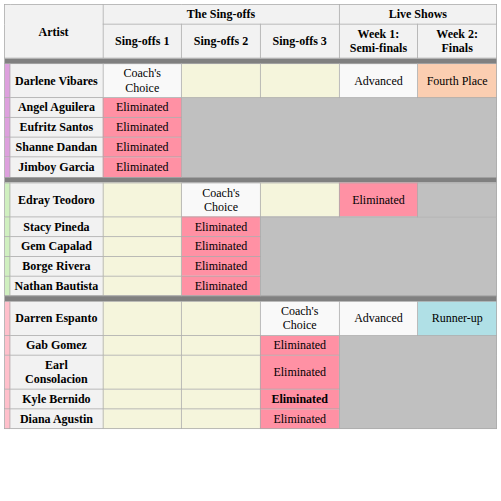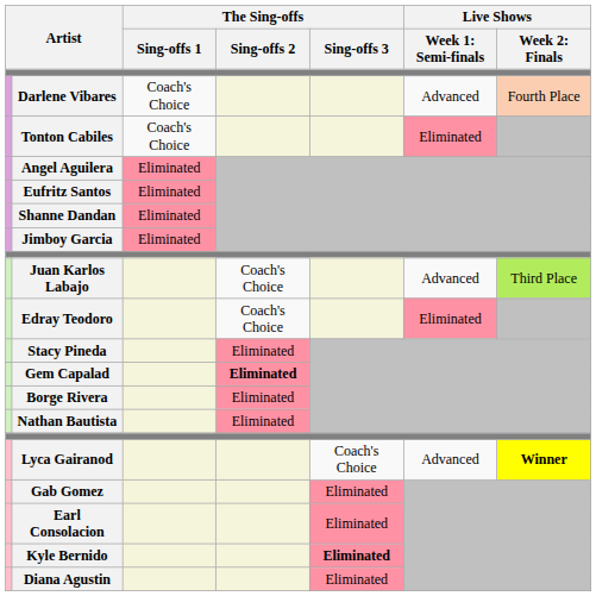 <table class="wikitable" style="text-align:center; font-size:95%; line-height:18px; width:100%;">
 <tr>
 <th colspan="2" rowspan="2">Artist</th>
 <th colspan="3">The Sing-offs</th>
 <th colspan="2">Live Shows</th>
 </tr>
 <tr>
 <th width="16%">Sing-offs 1</th>
 <th width="16%">Sing-offs 2</th>
 <th width="16%">Sing-offs 3</th>
 <th width="16%">Week 1: Semi-finals</th>
 <th width="16%">Week 2: Finals</th>
 </tr>
 <tr>
 <th colspan="7" style="background:grey;"></th>
 </tr>
 <tr>
 <th style="background:#dda0dd"></th>
 <th>Darlene Vibares</th>
 <td style="background:">Coach's Choice</td>
 <td style="background:#F5F5DC"></td>
 <td style="background:#F5F5DC"></td>
 <td style="background:#">Advanced</td>
 <td style="background:#fbceb1">Fourth Place</td>
 </tr>
 <tr>
 <th style="background:#dda0dd"></th>
+<th>Tonton Cabiles</th>
+<td style="background:">Coach's Choice</td>
+<td style="background:#F5F5DC"></td>
+<td style="background:#F5F5DC"></td>
+<td style="background:#FF91A4">Eliminated</td>
+<th style="background:silver"></th>
+</tr>
+<tr>
+<th style="background:#dda0dd"></th>
 <th>Angel Aguilera</th>
 <td style="background:#FF91A4">Eliminated</td>
 <th colspan="4" rowspan="4"  style="background:silver"></th>
 </tr>
 <tr>
 <th style="background:#dda0dd"></th>
 <th>Eufritz Santos</th>
 <td style="background:#FF91A4">Eliminated</td>
 </tr>
 <tr>
 <th style="background:#dda0dd"></th>
 <th>Shanne Dandan</th>
 <td style="background:#FF91A4">Eliminated</td>
 </tr>
 <tr>
 <th style="background:#dda0dd"></th>
 <th>Jimboy Garcia</th>
 <td style="background:#FF91A4">Eliminated</td>
 </tr>
 <tr>
 <th colspan="7" style="background:grey;"></th>
 </tr>
 <tr>
 <th style="background:#d0f0c0"></th>
+<th>Juan Karlos Labajo</th>
+<td style="background:#F5F5DC"></td>
+<td style="background:">Coach's Choice</td>
+<td style="background:#F5F5DC"></td>
+<td style="background:">Advanced</td>
+<td style="background:#b2ec5d">Third Place</td>
+</tr>
+<tr>
+<th style="background:#d0f0c0"></th>
 <th>Edray Teodoro</th>
 <td style="background:#F5F5DC"></td>
 <td style="background:">Coach's Choice</td>
 <td style="background:#F5F5DC"></td>
 <td style="background:#FF91A4">Eliminated</td>
 <td style="background:silver"></td>
 </tr>
 <tr>
 <th style="background:#d0f0c0"></th>
 <th>Stacy Pineda</th>
 <td style="background:#F5F5DC"></td>
 <td style="background:#FF91A4">Eliminated</td>
 <th colspan="3" rowspan="4" style="background:silver"></th>
 </tr>
 <tr>
 <th style="background:#d0f0c0"></th>
 <th>Gem Capalad</th>
 <td style="background:#F5F5DC"></td>
-<td style="background:#FF91A4">Eliminated</td>
+<td style="background:#FF91A4"><strong>Eliminated</strong></td>
 </tr>
 <tr>
 <th style="background:#d0f0c0"></th>
 <th>Borge Rivera</th>
 <td style="background:#F5F5DC"></td>
 <td style="background:#FF91A4">Eliminated</td>
 </tr>
 <tr>
 <th style="background:#d0f0c0"></th>
 <th>Nathan Bautista</th>
 <td style="background:#F5F5DC"></td>
 <td style="background:#FF91A4">Eliminated</td>
 </tr>
 <tr>
 <th colspan="7" style="background:grey;"></th>
 </tr>
 <tr>
-<th style="background:pink"></th>
-<th>Darren Espanto</th>
+<th style="background:pink" width="01%"></th>
+<th>Lyca Gairanod</th>
 <td style="background:#F5F5DC"></td>
 <td style="background:#F5F5DC"></td>
-<td style="background:#">Coach's Choice</td>
-<td style="background:#">Advanced</td>
-<td style="background:#b0e0e6">Runner-up</td>
+<td style="background:">Coach's Choice</td>
+<td style="background:">Advanced</td>
+<td style="background:yellow"><strong>Winner</strong></td>
 </tr>
 <tr>
 <th style="background:pink"></th>
 <th>Gab Gomez</th>
 <td style="background:#F5F5DC"></td>
 <td style="background:#F5F5DC"></td>
 <td style="background:#FF91A4">Eliminated</td>
 <th colspan="2" rowspan="4"  style="background:silver"></th>
 </tr>
 <tr>
 <th style="background:pink"></th>
 <th>Earl Consolacion</th>
 <td style="background:#F5F5DC"></td>
 <td style="background:#F5F5DC"></td>
 <td style="background:#FF91A4">Eliminated</td>
 </tr>
 <tr>
 <th style="background:pink"></th>
 <th>Kyle Bernido</th>
 <td style="background:#F5F5DC"></td>
 <td style="background:#F5F5DC"></td>
 <td style="background:#FF91A4"><strong>Eliminated</strong></td>
 </tr>
 <tr>
 <th style="background:pink"></th>
 <th>Diana Agustin</th>
 <td style="background:#F5F5DC"></td>
 <td style="background:#F5F5DC"></td>
 <td style="background:#FF91A4">Eliminated</td>
 </tr>
 </table>
